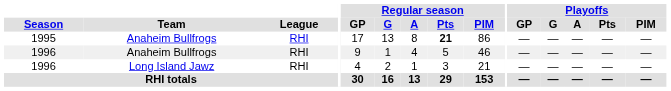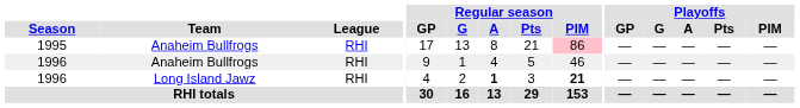 <table border="0" cellpadding="1" cellspacing="0" style="text-align:center; width:60em">
 <tr bgcolor="#e0e0e0">
 <th colspan="3" bgcolor="#ffffff"></th>
 <th rowspan="99" bgcolor="#ffffff"></th>
 <th colspan="5"><a href='#'>Regular season</a></th>
 <th rowspan="99" bgcolor="#ffffff"></th>
 <th colspan="5"><a href='#'>Playoffs</a></th>
 </tr>
 <tr bgcolor="#e0e0e0">
 <th><a href='#'>Season</a></th>
 <th>Team</th>
 <th>League</th>
 <th>GP</th>
 <th><a href='#'>G</a></th>
 <th><a href='#'>A</a></th>
 <th><a href='#'>Pts</a></th>
 <th><a href='#'>PIM</a></th>
 <th>GP</th>
 <th>G</th>
 <th>A</th>
 <th>Pts</th>
 <th>PIM</th>
 </tr>
 <tr>
 <td>1995</td>
 <td><a href='#'>Anaheim Bullfrogs</a></td>
 <td><a href='#'>RHI</a></td>
 <td>17</td>
 <td>13</td>
 <td>8</td>
-<td><strong>21</strong></td>
-<td>86</td>
+<td>21</td>
+<td style="background: pink;">86</td>
 <td>—</td>
 <td>—</td>
 <td>—</td>
 <td>—</td>
 <td>—</td>
 </tr>
 <tr bgcolor="#f0f0f0">
 <td>1996</td>
 <td>Anaheim Bullfrogs</td>
 <td>RHI</td>
 <td>9</td>
 <td>1</td>
 <td>4</td>
 <td>5</td>
 <td>46</td>
 <td>—</td>
 <td>—</td>
 <td>—</td>
 <td>—</td>
 <td>—</td>
 </tr>
 <tr>
 <td>1996</td>
 <td><a href='#'>Long Island Jawz</a></td>
 <td>RHI</td>
 <td>4</td>
 <td>2</td>
-<td>1</td>
+<td><strong>1</strong></td>
 <td>3</td>
-<td>21</td>
+<td><strong>21</strong></td>
 <td>—</td>
 <td>—</td>
 <td>—</td>
 <td>—</td>
 <td>—</td>
 </tr>
 <tr>
 </tr>
 <tr ALIGN="center" bgcolor="#e0e0e0">
 <th colspan="3">RHI totals</th>
 <th ALIGN="center">30</th>
 <th ALIGN="center">16</th>
 <th ALIGN="center">13</th>
 <th ALIGN="center">29</th>
 <th ALIGN="center">153</th>
 <th ALIGN="center">—</th>
 <th ALIGN="center">—</th>
 <th ALIGN="center">—</th>
 <th ALIGN="center">—</th>
 <th ALIGN="center">—</th>
 </tr>
 </table>
